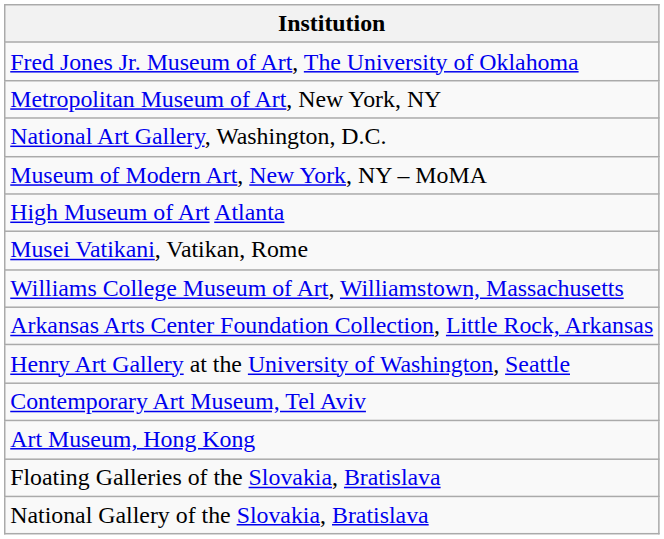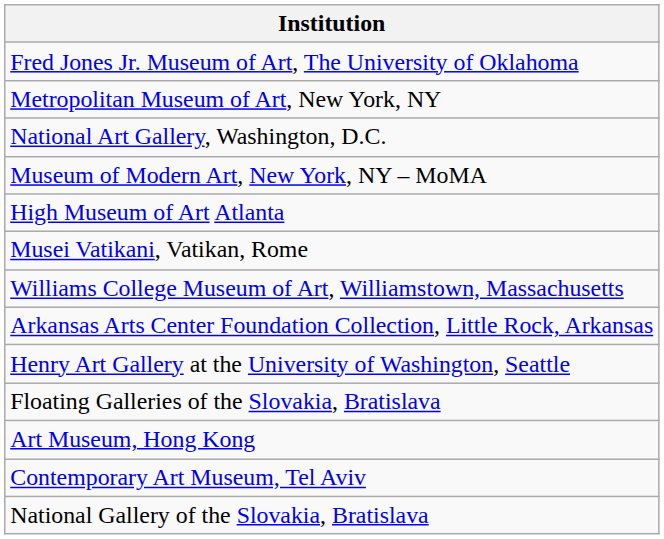 <table class="wikitable">
 <tr>
 <th>Institution</th>
 </tr>
 <tr>
 <td><a href='#'>Fred Jones Jr. Museum of Art</a>, <a href='#'>The University of Oklahoma</a></td>
 </tr>
 <tr>
 <td><a href='#'>Metropolitan Museum of Art</a>, New York, NY</td>
 </tr>
 <tr>
 <td><a href='#'>National Art Gallery</a>, Washington, D.C.</td>
 </tr>
 <tr>
 <td><a href='#'>Museum of Modern Art</a>, <a href='#'>New York</a>, NY – MoMA</td>
 </tr>
 <tr>
 <td><a href='#'>High Museum of Art</a> <a href='#'>Atlanta</a></td>
 </tr>
 <tr>
 <td><a href='#'>Musei Vatikani</a>, Vatikan, Rome</td>
 </tr>
 <tr>
 <td><a href='#'>Williams College Museum of Art</a>, <a href='#'>Williamstown, Massachusetts</a></td>
 </tr>
 <tr>
 <td><a href='#'>Arkansas Arts Center Foundation Collection</a>, <a href='#'>Little Rock, Arkansas</a></td>
 </tr>
 <tr>
 <td><a href='#'>Henry Art Gallery</a> at the <a href='#'>University of Washington</a>, <a href='#'>Seattle</a></td>
 </tr>
 <tr>
-<td><a href='#'>Contemporary Art Museum, Tel Aviv</a></td>
+<td>Floating Galleries of the <a href='#'>Slovakia</a>, <a href='#'>Bratislava</a></td>
 </tr>
 <tr>
 <td><a href='#'>Art Museum, Hong Kong</a></td>
 </tr>
 <tr>
-<td>Floating Galleries of the <a href='#'>Slovakia</a>, <a href='#'>Bratislava</a></td>
+<td><a href='#'>Contemporary Art Museum, Tel Aviv</a></td>
 </tr>
 <tr>
 <td>National Gallery of the <a href='#'>Slovakia</a>, <a href='#'>Bratislava</a></td>
 </tr>
 </table>
